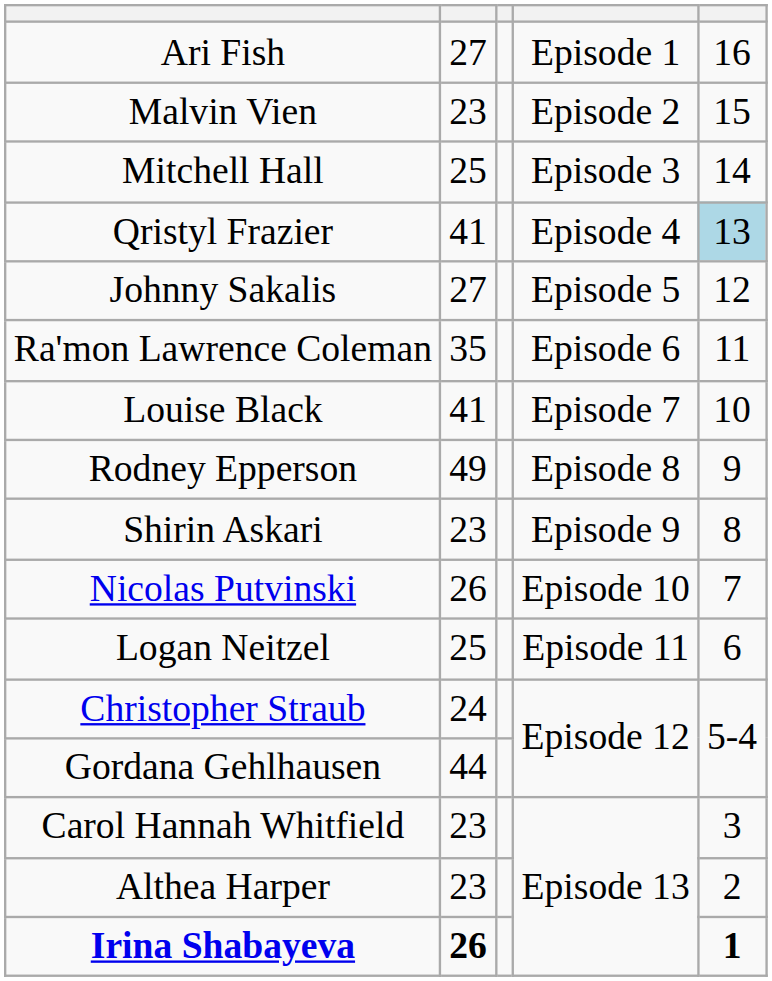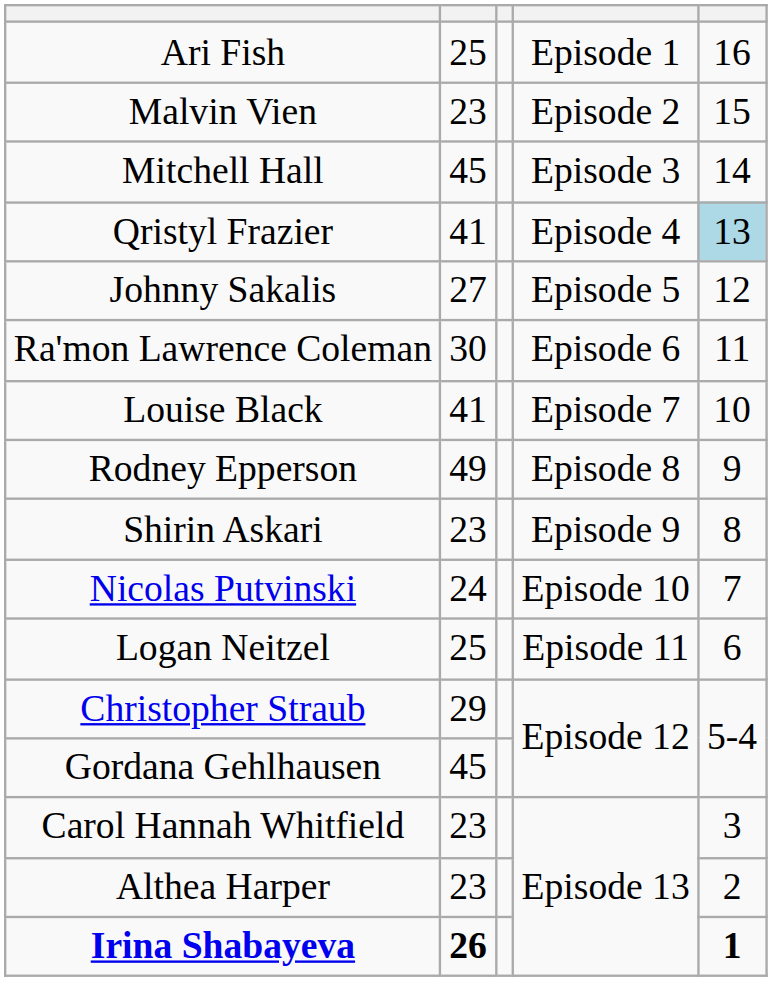 <table class="wikitable sortable" style="text-align:center;">
 <tr>
 <th></th>
 <th></th>
 <th></th>
 <th></th>
 <th></th>
 </tr>
 <tr>
 <td>Ari Fish</td>
-<td>27</td>
+<td>25</td>
 <td></td>
 <td>Episode 1</td>
 <td>16</td>
 </tr>
 <tr>
 <td>Malvin Vien</td>
 <td>23</td>
 <td></td>
 <td>Episode 2</td>
 <td>15</td>
 </tr>
 <tr>
 <td>Mitchell Hall</td>
-<td>25</td>
+<td>45</td>
 <td></td>
 <td>Episode 3</td>
 <td>14</td>
 </tr>
 <tr>
 <td>Qristyl Frazier</td>
 <td>41</td>
 <td></td>
 <td>Episode 4</td>
 <td style="background: lightblue;">13</td>
 </tr>
 <tr>
 <td>Johnny Sakalis</td>
 <td>27</td>
 <td></td>
 <td>Episode 5</td>
 <td>12</td>
 </tr>
 <tr>
 <td>Ra'mon Lawrence Coleman</td>
-<td>35</td>
+<td>30</td>
 <td></td>
 <td>Episode 6</td>
 <td>11</td>
 </tr>
 <tr>
 <td>Louise Black</td>
 <td>41</td>
 <td></td>
 <td>Episode 7</td>
 <td>10</td>
 </tr>
 <tr>
 <td>Rodney Epperson</td>
 <td>49</td>
 <td></td>
 <td>Episode 8</td>
 <td>9</td>
 </tr>
 <tr>
 <td>Shirin Askari</td>
 <td>23</td>
 <td></td>
 <td>Episode 9</td>
 <td>8</td>
 </tr>
 <tr>
 <td><a href='#'>Nicolas Putvinski</a></td>
-<td>26</td>
+<td>24</td>
 <td></td>
 <td>Episode 10</td>
 <td>7</td>
 </tr>
 <tr>
 <td>Logan Neitzel</td>
 <td>25</td>
 <td></td>
 <td>Episode 11</td>
 <td>6</td>
 </tr>
 <tr>
 <td><a href='#'>Christopher Straub</a></td>
-<td>24</td>
+<td>29</td>
 <td></td>
 <td rowspan="2">Episode 12</td>
 <td rowspan="2">5-4</td>
 </tr>
 <tr>
 <td>Gordana Gehlhausen</td>
-<td>44</td>
+<td>45</td>
 <td></td>
 </tr>
 <tr>
 <td>Carol Hannah Whitfield</td>
 <td>23</td>
 <td></td>
 <td rowspan="3">Episode 13</td>
 <td>3</td>
 </tr>
 <tr>
 <td>Althea Harper</td>
 <td>23</td>
 <td></td>
 <td>2</td>
 </tr>
 <tr>
 <td><strong><a href='#'>Irina Shabayeva</a></strong></td>
 <td><strong>26</strong></td>
 <td><strong></strong></td>
 <td><strong>1</strong></td>
 </tr>
 </table>
